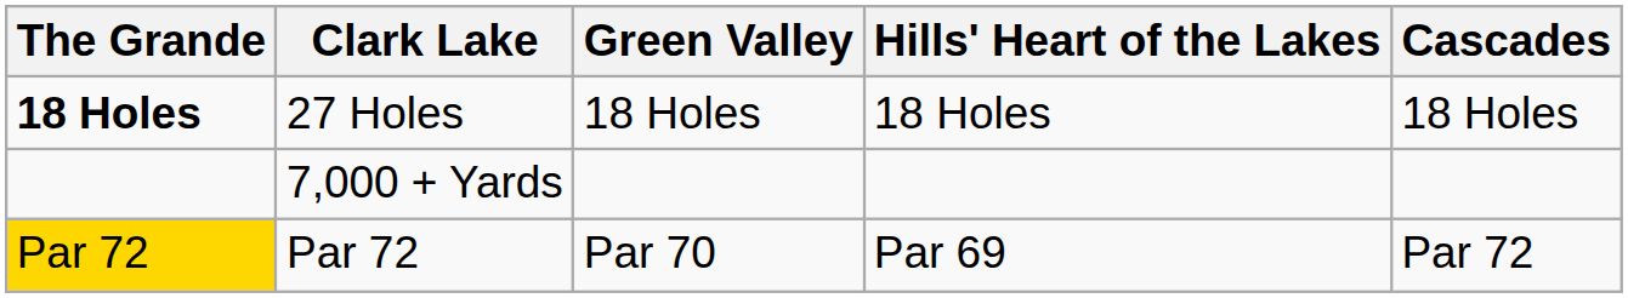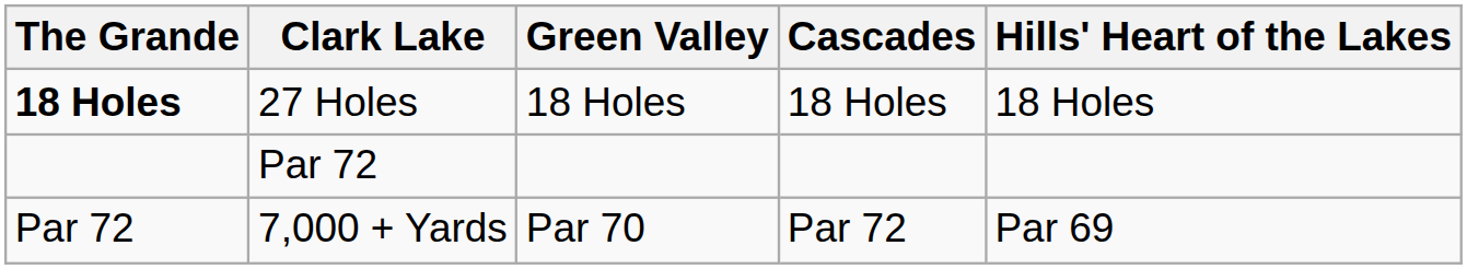 <table class="wikitable">
 <tr>
 <th>The Grande</th>
 <th>Clark Lake</th>
 <th>Green Valley</th>
+<th>Cascades</th>
 <th>Hills' Heart of the Lakes</th>
-<th>Cascades</th>
 </tr>
 <tr>
 <td><strong>18 Holes</strong></td>
 <td>27 Holes</td>
 <td>18 Holes</td>
 <td>18 Holes</td>
 <td>18 Holes</td>
 </tr>
 <tr>
 <td></td>
-<td>7,000 + Yards</td>
+<td>Par 72</td>
 <td></td>
 <td></td>
 <td></td>
 </tr>
 <tr>
-<td style="background: gold;">Par 72</td>
 <td>Par 72</td>
+<td>7,000 + Yards</td>
 <td>Par 70</td>
+<td>Par 72</td>
 <td>Par 69</td>
-<td>Par 72</td>
 </tr>
 </table>
